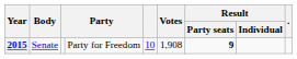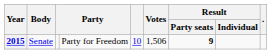 <table class="wikitable plainrowheaders sortable" border=2 cellpadding=4 cellspacing=0 style="border: 1px #aaa solid; font-size: 90%; text-align:center;">
 <tr>
 <th scope="col" rowspan=2>Year</th>
 <th scope="col" rowspan=2>Body</th>
 <th scope="col" colspan=2 rowspan=2>Party</th>
 <th scope="col" rowspan=2></th>
 <th scope="col" rowspan=2>Votes</th>
 <th scope="colgroup" colspan=2>Result</th>
 <th scope="col" rowspan=2 class="unsortable">.</th>
 </tr>
 <tr>
 <th scope="col">Party seats</th>
 <th scope="col">Individual</th>
 </tr>
 <tr>
 <th scope="row"><a href='#'>2015</a></th>
 <td><a href='#'>Senate</a></td>
 <td style="background-color:"></td>
 <td>Party for Freedom</td>
 <td style=text-align:right><a href='#'>10</a></td>
-<td style=text-align:right>1,908</td>
+<td style=text-align:right>1,506</td>
 <td style=text-align:right><strong>9</strong></td>
 <td></td>
 <td></td>
 </tr>
 </table>
